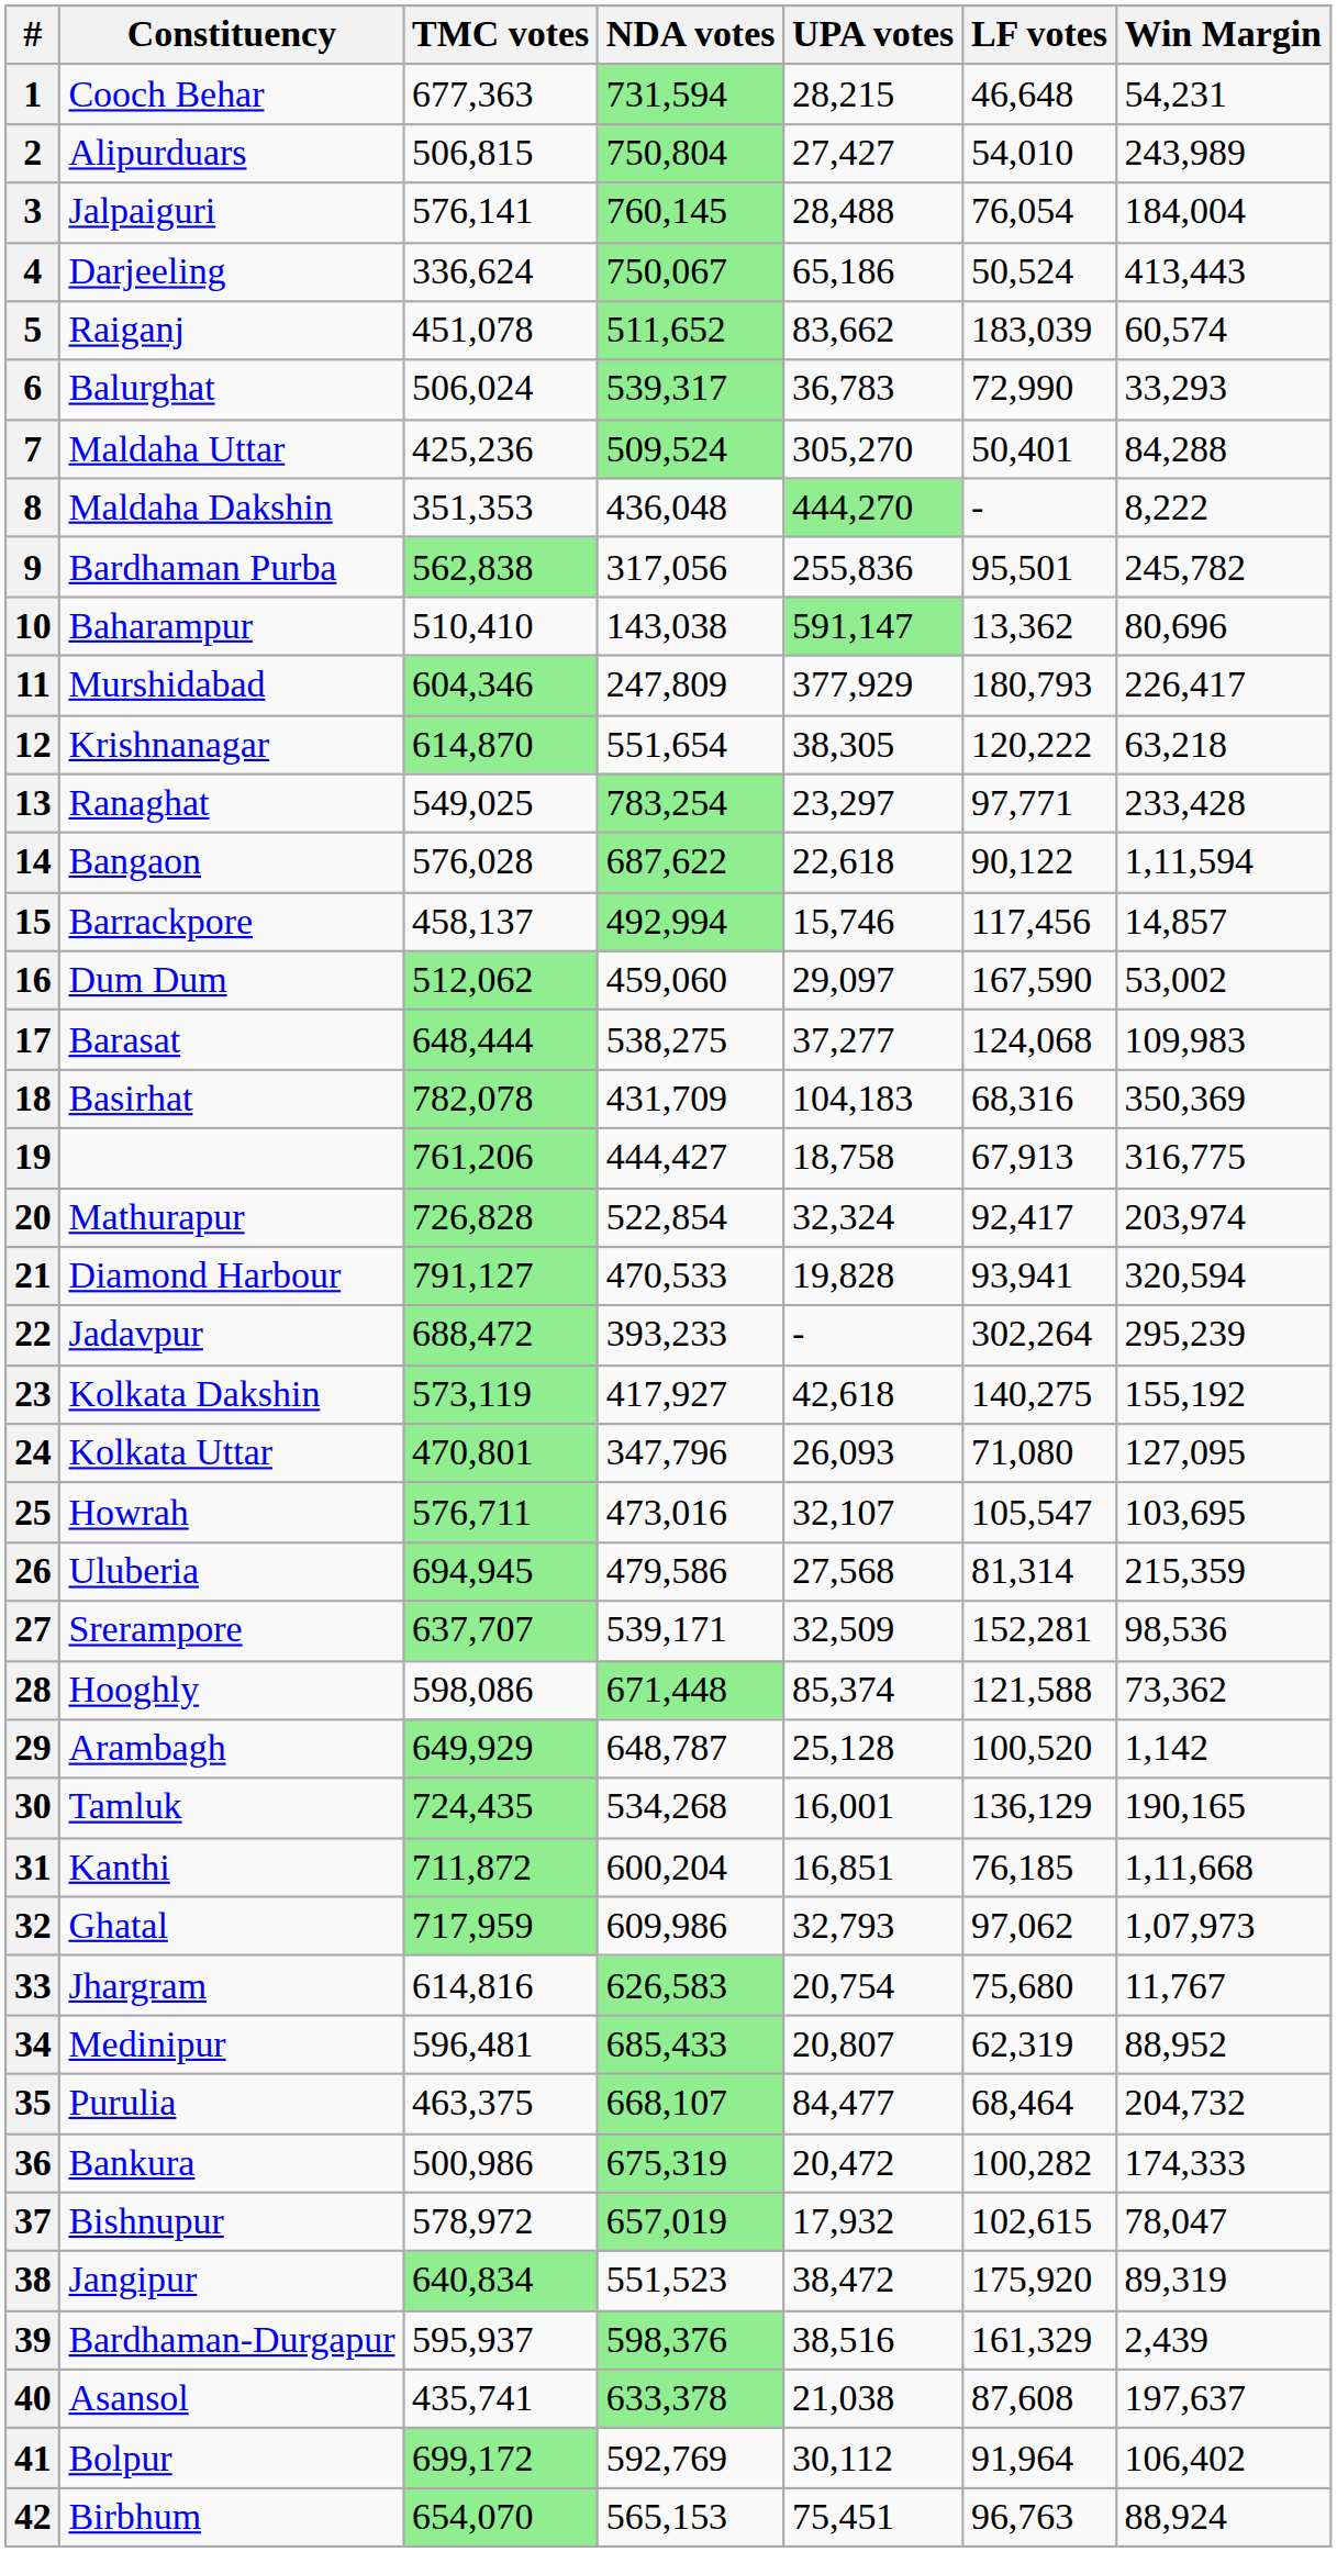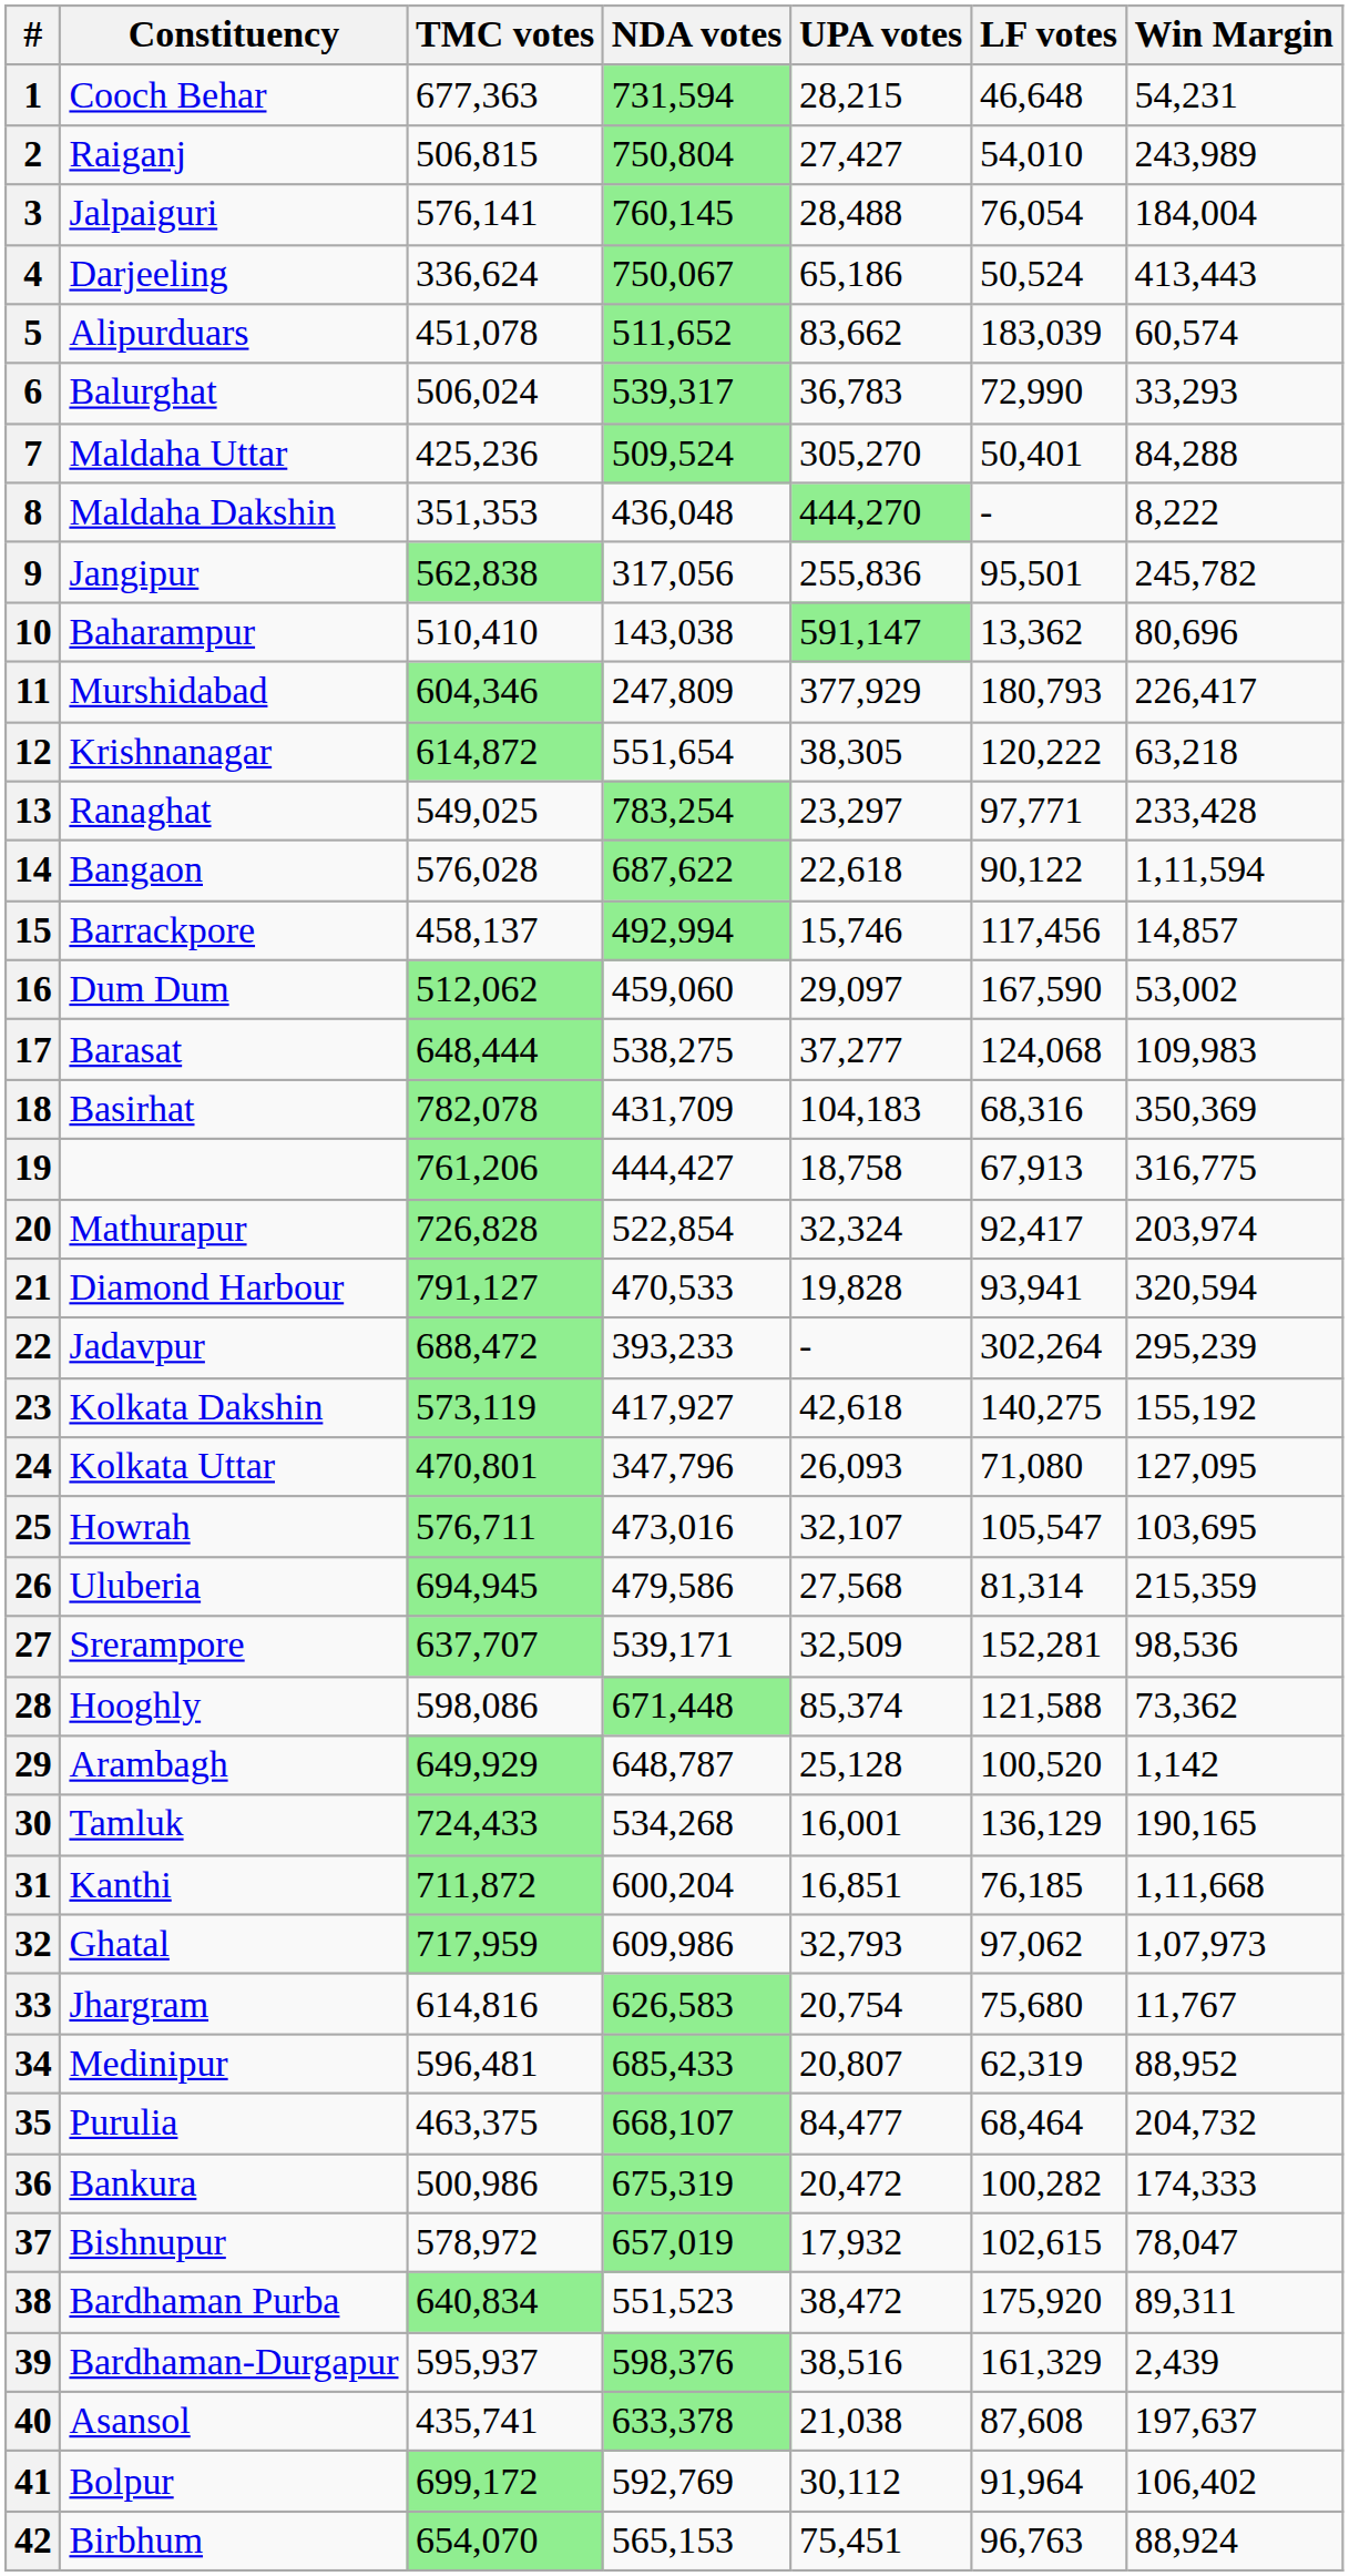 <table class="wikitable sortable">
 <tr>
 <th>#</th>
 <th>Constituency</th>
 <th style="background:">TMC votes</th>
 <th style="background:">NDA votes</th>
 <th style="background:">UPA votes</th>
 <th style="background:">LF votes</th>
 <th>Win Margin</th>
 </tr>
 <tr>
 <th>1</th>
 <td><a href='#'>Cooch Behar</a></td>
 <td>677,363</td>
 <td style="background:lightgreen;">731,594</td>
 <td>28,215</td>
 <td>46,648</td>
 <td>54,231</td>
 </tr>
 <tr>
 <th>2</th>
-<td><a href='#'>Alipurduars</a></td>
+<td><a href='#'>Raiganj</a></td>
 <td>506,815</td>
 <td style="background:lightgreen;">750,804</td>
 <td>27,427</td>
 <td>54,010</td>
 <td>243,989</td>
 </tr>
 <tr>
 <th>3</th>
 <td><a href='#'>Jalpaiguri</a></td>
 <td>576,141</td>
 <td style="background:lightgreen;">760,145</td>
 <td>28,488</td>
 <td>76,054</td>
 <td>184,004</td>
 </tr>
 <tr>
 <th>4</th>
 <td><a href='#'>Darjeeling</a></td>
 <td>336,624</td>
 <td style="background:lightgreen;">750,067</td>
 <td>65,186</td>
 <td>50,524</td>
 <td>413,443</td>
 </tr>
 <tr>
 <th>5</th>
-<td><a href='#'>Raiganj</a></td>
+<td><a href='#'>Alipurduars</a></td>
 <td>451,078</td>
 <td style="background:lightgreen;">511,652</td>
 <td>83,662</td>
 <td>183,039</td>
 <td>60,574</td>
 </tr>
 <tr>
 <th>6</th>
 <td><a href='#'>Balurghat</a></td>
 <td>506,024</td>
 <td style="background:lightgreen;">539,317</td>
 <td>36,783</td>
 <td>72,990</td>
 <td>33,293</td>
 </tr>
 <tr>
 <th>7</th>
 <td><a href='#'>Maldaha Uttar</a></td>
 <td>425,236</td>
 <td style="background:lightgreen;">509,524</td>
 <td>305,270</td>
 <td>50,401</td>
 <td>84,288</td>
 </tr>
 <tr>
 <th>8</th>
 <td><a href='#'>Maldaha Dakshin</a></td>
 <td>351,353</td>
 <td>436,048</td>
 <td style="background:lightgreen;">444,270</td>
 <td>-</td>
 <td>8,222</td>
 </tr>
 <tr>
 <th>9</th>
-<td><a href='#'>Bardhaman Purba</a></td>
+<td><a href='#'>Jangipur</a></td>
 <td style="background:lightgreen;">562,838</td>
 <td>317,056</td>
 <td>255,836</td>
 <td>95,501</td>
 <td>245,782</td>
 </tr>
 <tr>
 <th>10</th>
 <td><a href='#'>Baharampur</a></td>
 <td>510,410</td>
 <td>143,038</td>
 <td style="background:lightgreen;">591,147</td>
 <td>13,362</td>
 <td>80,696</td>
 </tr>
 <tr>
 <th>11</th>
 <td><a href='#'>Murshidabad</a></td>
 <td style="background:lightgreen;">604,346</td>
 <td>247,809</td>
 <td>377,929</td>
 <td>180,793</td>
 <td>226,417</td>
 </tr>
 <tr>
 <th>12</th>
 <td><a href='#'>Krishnanagar</a></td>
-<td style="background:lightgreen;">614,870</td>
+<td style="background:lightgreen;">614,872</td>
 <td>551,654</td>
 <td>38,305</td>
 <td>120,222</td>
 <td>63,218</td>
 </tr>
 <tr>
 <th>13</th>
 <td><a href='#'>Ranaghat</a></td>
 <td>549,025</td>
 <td style="background:lightgreen;">783,254</td>
 <td>23,297</td>
 <td>97,771</td>
 <td>233,428</td>
 </tr>
 <tr>
 <th>14</th>
 <td><a href='#'>Bangaon</a></td>
 <td>576,028</td>
 <td style="background:lightgreen;">687,622</td>
 <td>22,618</td>
 <td>90,122</td>
 <td>1,11,594</td>
 </tr>
 <tr>
 <th>15</th>
 <td><a href='#'>Barrackpore</a></td>
 <td>458,137</td>
 <td style="background:lightgreen;">492,994</td>
 <td>15,746</td>
 <td>117,456</td>
 <td>14,857</td>
 </tr>
 <tr>
 <th>16</th>
 <td><a href='#'>Dum Dum</a></td>
 <td style="background:lightgreen;">512,062</td>
 <td>459,060</td>
 <td>29,097</td>
 <td>167,590</td>
 <td>53,002</td>
 </tr>
 <tr>
 <th>17</th>
 <td><a href='#'>Barasat</a></td>
 <td style="background:lightgreen;">648,444</td>
 <td>538,275</td>
 <td>37,277</td>
 <td>124,068</td>
 <td>109,983</td>
 </tr>
 <tr>
 <th>18</th>
 <td><a href='#'>Basirhat</a></td>
 <td style="background:lightgreen;">782,078</td>
 <td>431,709</td>
 <td>104,183</td>
 <td>68,316</td>
 <td>350,369</td>
 </tr>
 <tr>
 <th>19</th>
 <td></td>
 <td style="background:lightgreen;">761,206</td>
 <td>444,427</td>
 <td>18,758</td>
 <td>67,913</td>
 <td>316,775</td>
 </tr>
 <tr>
 <th>20</th>
 <td><a href='#'>Mathurapur</a></td>
 <td style="background:lightgreen;">726,828</td>
 <td>522,854</td>
 <td>32,324</td>
 <td>92,417</td>
 <td>203,974</td>
 </tr>
 <tr>
 <th>21</th>
 <td><a href='#'>Diamond Harbour</a></td>
 <td style="background:lightgreen;">791,127</td>
 <td>470,533</td>
 <td>19,828</td>
 <td>93,941</td>
 <td>320,594</td>
 </tr>
 <tr>
 <th>22</th>
 <td><a href='#'>Jadavpur</a></td>
 <td style="background:lightgreen;">688,472</td>
 <td>393,233</td>
 <td>-</td>
 <td>302,264</td>
 <td>295,239</td>
 </tr>
 <tr>
 <th>23</th>
 <td><a href='#'>Kolkata Dakshin</a></td>
 <td style="background:lightgreen;">573,119</td>
 <td>417,927</td>
 <td>42,618</td>
 <td>140,275</td>
 <td>155,192</td>
 </tr>
 <tr>
 <th>24</th>
 <td><a href='#'>Kolkata Uttar</a></td>
 <td style="background:lightgreen;">470,801</td>
 <td>347,796</td>
 <td>26,093</td>
 <td>71,080</td>
 <td>127,095</td>
 </tr>
 <tr>
 <th>25</th>
 <td><a href='#'>Howrah</a></td>
 <td style="background:lightgreen;">576,711</td>
 <td>473,016</td>
 <td>32,107</td>
 <td>105,547</td>
 <td>103,695</td>
 </tr>
 <tr>
 <th>26</th>
 <td><a href='#'>Uluberia</a></td>
 <td style="background:lightgreen;">694,945</td>
 <td>479,586</td>
 <td>27,568</td>
 <td>81,314</td>
 <td>215,359</td>
 </tr>
 <tr>
 <th>27</th>
 <td><a href='#'>Srerampore</a></td>
 <td style="background:lightgreen;">637,707</td>
 <td>539,171</td>
 <td>32,509</td>
 <td>152,281</td>
 <td>98,536</td>
 </tr>
 <tr>
 <th>28</th>
 <td><a href='#'>Hooghly</a></td>
 <td>598,086</td>
 <td style="background:lightgreen;">671,448</td>
 <td>85,374</td>
 <td>121,588</td>
 <td>73,362</td>
 </tr>
 <tr>
 <th>29</th>
 <td><a href='#'>Arambagh</a></td>
 <td style="background:lightgreen;">649,929</td>
 <td>648,787</td>
 <td>25,128</td>
 <td>100,520</td>
 <td>1,142</td>
 </tr>
 <tr>
 <th>30</th>
 <td><a href='#'>Tamluk</a></td>
-<td style="background:lightgreen;">724,435</td>
+<td style="background:lightgreen;">724,433</td>
 <td>534,268</td>
 <td>16,001</td>
 <td>136,129</td>
 <td>190,165</td>
 </tr>
 <tr>
 <th>31</th>
 <td><a href='#'>Kanthi</a></td>
 <td style="background:lightgreen;">711,872</td>
 <td>600,204</td>
 <td>16,851</td>
 <td>76,185</td>
 <td>1,11,668</td>
 </tr>
 <tr>
 <th>32</th>
 <td><a href='#'>Ghatal</a></td>
 <td style="background:lightgreen;">717,959</td>
 <td>609,986</td>
 <td>32,793</td>
 <td>97,062</td>
 <td>1,07,973</td>
 </tr>
 <tr>
 <th>33</th>
 <td><a href='#'>Jhargram</a></td>
 <td>614,816</td>
 <td style="background:lightgreen;">626,583</td>
 <td>20,754</td>
 <td>75,680</td>
 <td>11,767</td>
 </tr>
 <tr>
 <th>34</th>
 <td><a href='#'>Medinipur</a></td>
 <td>596,481</td>
 <td style="background:lightgreen;">685,433</td>
 <td>20,807</td>
 <td>62,319</td>
 <td>88,952</td>
 </tr>
 <tr>
 <th>35</th>
 <td><a href='#'>Purulia</a></td>
 <td>463,375</td>
 <td style="background:lightgreen;">668,107</td>
 <td>84,477</td>
 <td>68,464</td>
 <td>204,732</td>
 </tr>
 <tr>
 <th>36</th>
 <td><a href='#'>Bankura</a></td>
 <td>500,986</td>
 <td style="background:lightgreen;">675,319</td>
 <td>20,472</td>
 <td>100,282</td>
 <td>174,333</td>
 </tr>
 <tr>
 <th>37</th>
 <td><a href='#'>Bishnupur</a></td>
 <td>578,972</td>
 <td style="background:lightgreen;">657,019</td>
 <td>17,932</td>
 <td>102,615</td>
 <td>78,047</td>
 </tr>
 <tr>
 <th>38</th>
-<td><a href='#'>Jangipur</a></td>
+<td><a href='#'>Bardhaman Purba</a></td>
 <td style="background:lightgreen;">640,834</td>
 <td>551,523</td>
 <td>38,472</td>
 <td>175,920</td>
-<td>89,319</td>
+<td>89,311</td>
 </tr>
 <tr>
 <th>39</th>
 <td><a href='#'>Bardhaman-Durgapur</a></td>
 <td>595,937</td>
 <td style="background:lightgreen;">598,376</td>
 <td>38,516</td>
 <td>161,329</td>
 <td>2,439</td>
 </tr>
 <tr>
 <th>40</th>
 <td><a href='#'>Asansol</a></td>
 <td>435,741</td>
 <td style="background:lightgreen;">633,378</td>
 <td>21,038</td>
 <td>87,608</td>
 <td>197,637</td>
 </tr>
 <tr>
 <th>41</th>
 <td><a href='#'>Bolpur</a></td>
 <td style="background:lightgreen;">699,172</td>
 <td>592,769</td>
 <td>30,112</td>
 <td>91,964</td>
 <td>106,402</td>
 </tr>
 <tr>
 <th>42</th>
 <td><a href='#'>Birbhum</a></td>
 <td style="background:lightgreen;">654,070</td>
 <td>565,153</td>
 <td>75,451</td>
 <td>96,763</td>
 <td>88,924</td>
 </tr>
 </table>
